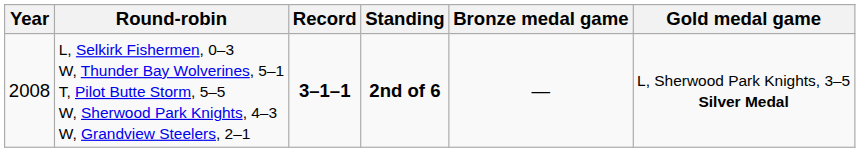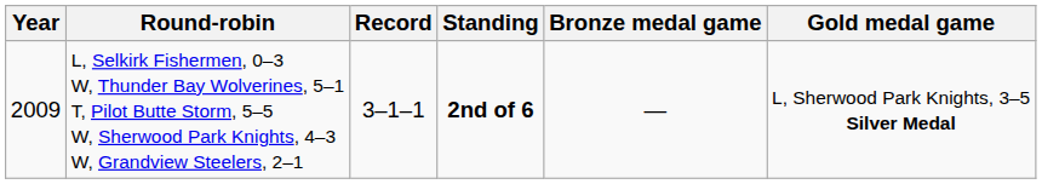 <table class="wikitable" style="text-align:center">
 <tr>
 <th>Year</th>
 <th>Round-robin</th>
 <th>Record</th>
 <th>Standing</th>
 <th>Bronze medal game</th>
 <th>Gold medal game</th>
 </tr>
 <tr>
-<td>2008</td>
+<td>2009</td>
 <td align=left><small>L, <a href='#'>Selkirk Fishermen</a>, 0–3<br>W, <a href='#'>Thunder Bay Wolverines</a>, 5–1<br>T, <a href='#'>Pilot Butte Storm</a>, 5–5<br>W, <a href='#'>Sherwood Park Knights</a>, 4–3<br>W, <a href='#'>Grandview Steelers</a>, 2–1</small></td>
-<td><strong>3–1–1</strong></td>
+<td>3–1–1</td>
 <td><strong>2nd of 6</strong></td>
 <td>—</td>
 <td><small>L, Sherwood Park Knights, 3–5<br><strong>Silver Medal</strong></small></td>
 </tr>
 </table>
